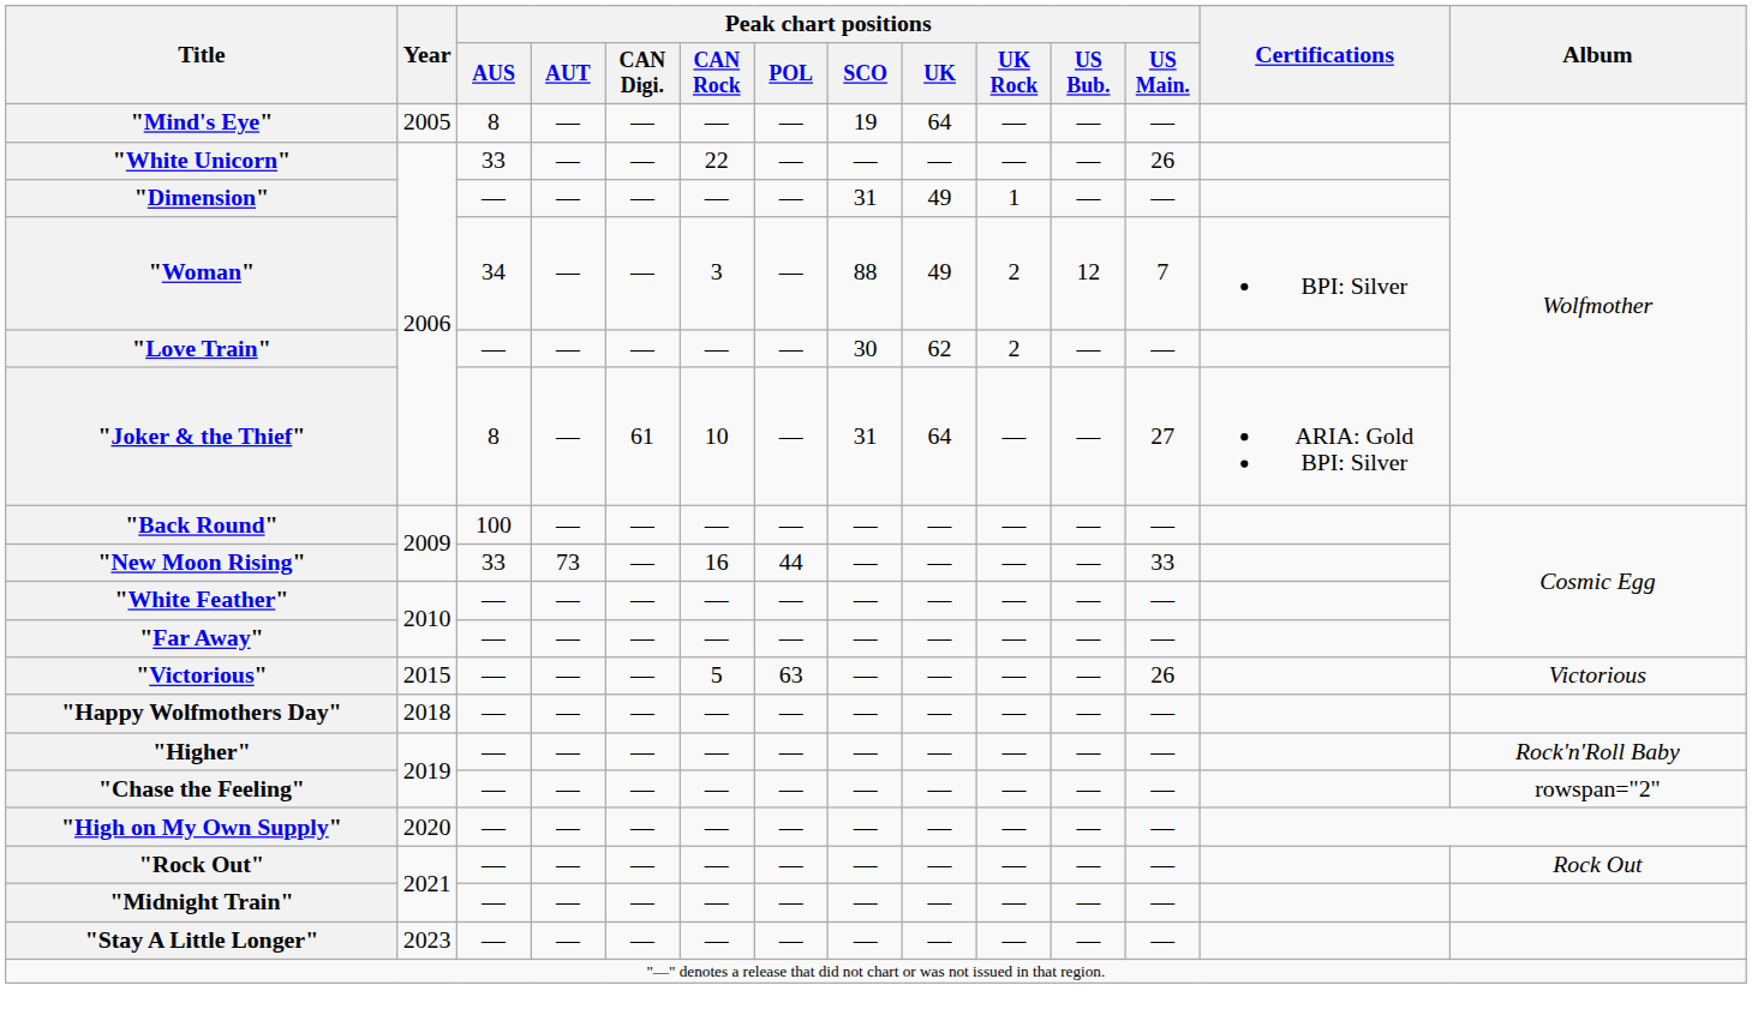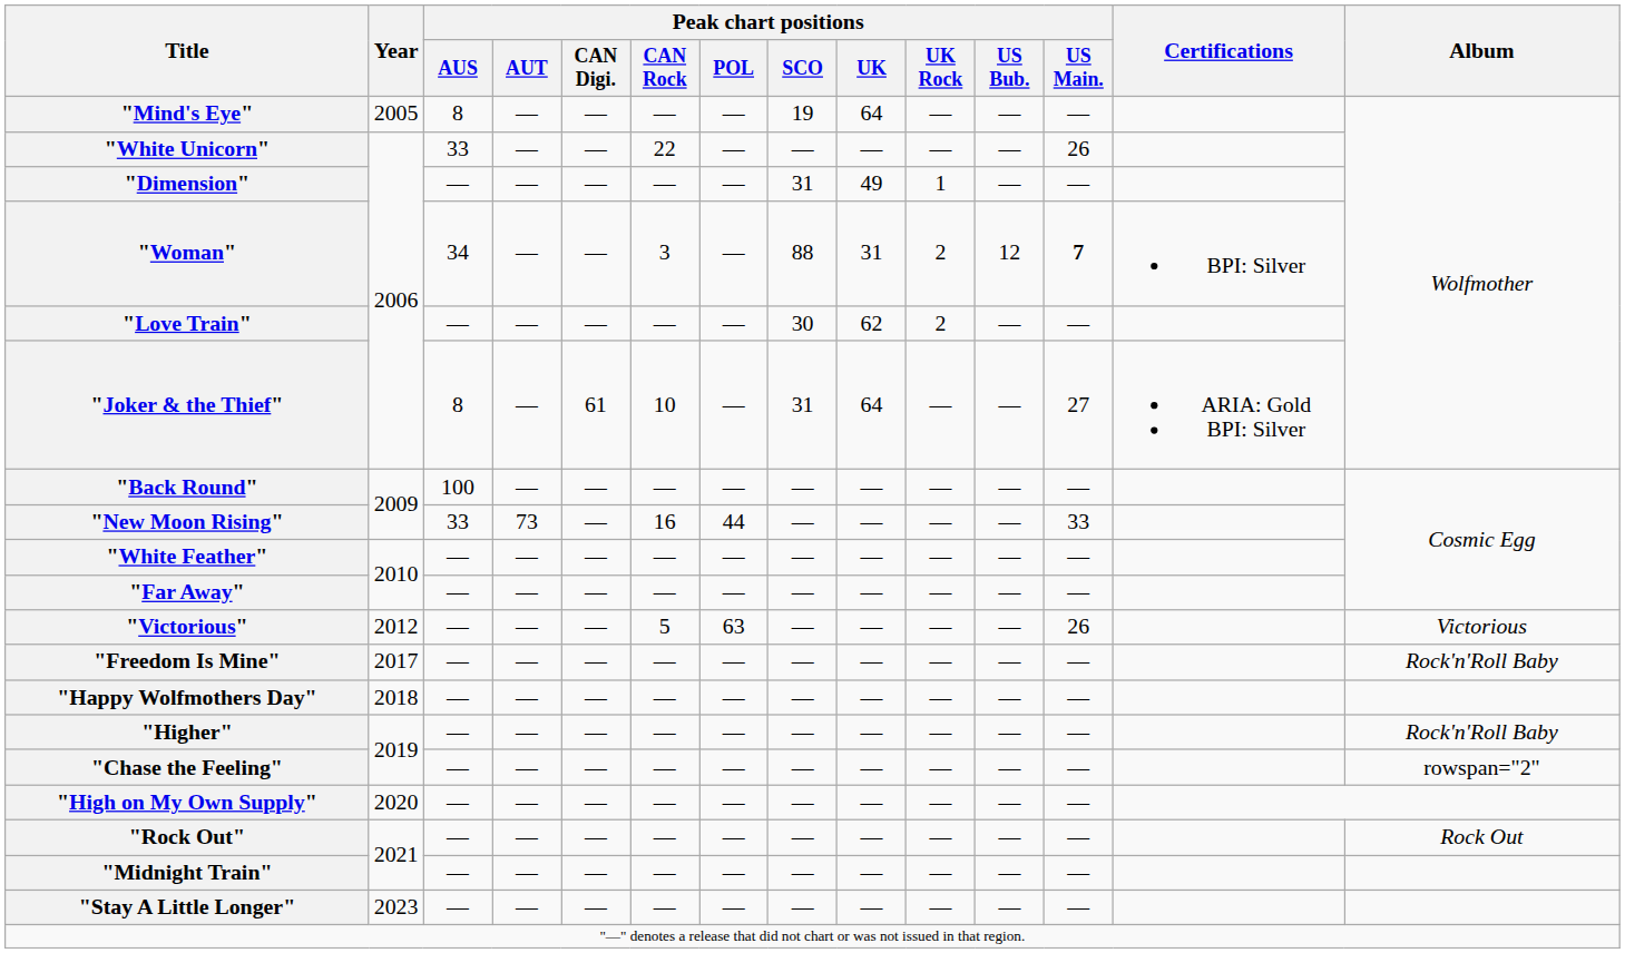 <table class="wikitable plainrowheaders" style="text-align:center;">
 <tr>
 <th scope="col" rowspan="2" style="width:16em;">Title</th>
 <th scope="col" rowspan="2">Year</th>
 <th scope="col" colspan="10">Peak chart positions</th>
 <th scope="col" rowspan="2" style="width:10em;"><a href='#'>Certifications</a></th>
 <th scope="col" rowspan="2" style="width:12em;">Album</th>
 </tr>
 <tr>
 <th scope="col" style="width:3em;font-size:90%;"><a href='#'>AUS</a><br></th>
 <th scope="col" style="width:3em;font-size:90%;"><a href='#'>AUT</a><br></th>
 <th scope="col" style="width:3em;font-size:90%;">CAN<br>Digi.<br></th>
 <th scope="col" style="width:3em;font-size:90%;"><a href='#'>CAN<br>Rock</a><br></th>
 <th scope="col" style="width:3em;font-size:90%;"><a href='#'>POL</a><br></th>
 <th scope="col" style="width:3em;font-size:90%;"><a href='#'>SCO</a><br></th>
 <th scope="col" style="width:3em;font-size:90%;"><a href='#'>UK</a><br></th>
 <th scope="col" style="width:3em;font-size:90%;"><a href='#'>UK<br>Rock</a><br></th>
 <th scope="col" style="width:3em;font-size:90%;"><a href='#'>US<br>Bub.</a><br></th>
 <th scope="col" style="width:3em;font-size:90%;"><a href='#'>US Main.</a><br></th>
 </tr>
 <tr>
 <th scope="row">"<a href='#'>Mind's Eye</a>"</th>
 <td>2005</td>
 <td>8</td>
 <td>—</td>
 <td>—</td>
 <td>—</td>
 <td>—</td>
 <td>19</td>
 <td>64</td>
 <td>—</td>
 <td>—</td>
 <td>—</td>
 <td></td>
 <td rowspan="6"><em>Wolfmother</em></td>
 </tr>
 <tr>
 <th scope="row">"<a href='#'>White Unicorn</a>"</th>
 <td rowspan="5">2006</td>
 <td>33</td>
 <td>—</td>
 <td>—</td>
 <td>22</td>
 <td>—</td>
 <td>—</td>
 <td>—</td>
 <td>—</td>
 <td>—</td>
 <td>26</td>
 <td></td>
 </tr>
 <tr>
 <th scope="row">"<a href='#'>Dimension</a>"</th>
 <td>—</td>
 <td>—</td>
 <td>—</td>
 <td>—</td>
 <td>—</td>
 <td>31</td>
 <td>49</td>
 <td>1</td>
 <td>—</td>
 <td>—</td>
 <td></td>
 </tr>
 <tr>
 <th scope="row">"<a href='#'>Woman</a>"</th>
 <td>34</td>
 <td>—</td>
 <td>—</td>
 <td>3</td>
 <td>—</td>
 <td>88</td>
-<td>49</td>
+<td>31</td>
 <td>2</td>
 <td>12</td>
-<td>7</td>
+<td><strong>7</strong></td>
 <td><br><ul><li>BPI: Silver</li></ul></td>
 </tr>
 <tr>
 <th scope="row">"<a href='#'>Love Train</a>"</th>
 <td>—</td>
 <td>—</td>
 <td>—</td>
 <td>—</td>
 <td>—</td>
 <td>30</td>
 <td>62</td>
 <td>2</td>
 <td>—</td>
 <td>—</td>
 <td></td>
 </tr>
 <tr>
 <th scope="row">"<a href='#'>Joker & the Thief</a>"</th>
 <td>8</td>
 <td>—</td>
 <td>61</td>
 <td>10</td>
 <td>—</td>
 <td>31</td>
 <td>64</td>
 <td>—</td>
 <td>—</td>
 <td>27</td>
 <td><br><ul><li>ARIA: Gold</li><li>BPI: Silver</li></ul></td>
 </tr>
 <tr>
 <th scope="row">"<a href='#'>Back Round</a>"</th>
 <td rowspan="2">2009</td>
 <td>100</td>
 <td>—</td>
 <td>—</td>
 <td>—</td>
 <td>—</td>
 <td>—</td>
 <td>—</td>
 <td>—</td>
 <td>—</td>
 <td>—</td>
 <td></td>
 <td rowspan="4"><em>Cosmic Egg</em></td>
 </tr>
 <tr>
 <th scope="row">"<a href='#'>New Moon Rising</a>"</th>
 <td>33</td>
 <td>73</td>
 <td>—</td>
 <td>16</td>
 <td>44</td>
 <td>—</td>
 <td>—</td>
 <td>—</td>
 <td>—</td>
 <td>33</td>
 <td></td>
 </tr>
 <tr>
 <th scope="row">"<a href='#'>White Feather</a>"</th>
 <td rowspan="2">2010</td>
 <td>—</td>
 <td>—</td>
 <td>—</td>
 <td>—</td>
 <td>—</td>
 <td>—</td>
 <td>—</td>
 <td>—</td>
 <td>—</td>
 <td>—</td>
 <td></td>
 </tr>
 <tr>
 <th scope="row">"<a href='#'>Far Away</a>"</th>
 <td>—</td>
 <td>—</td>
 <td>—</td>
 <td>—</td>
 <td>—</td>
 <td>—</td>
 <td>—</td>
 <td>—</td>
 <td>—</td>
 <td>—</td>
 <td></td>
 </tr>
 <tr>
 <th scope="row">"<a href='#'>Victorious</a>"</th>
-<td>2015</td>
+<td>2012</td>
 <td>—</td>
 <td>—</td>
 <td>—</td>
 <td>5</td>
 <td>63</td>
 <td>—</td>
 <td>—</td>
 <td>—</td>
 <td>—</td>
 <td>26</td>
 <td></td>
 <td><em>Victorious</em></td>
+</tr>
+<tr>
+<th scope="row">"Freedom Is Mine"</th>
+<td>2017</td>
+<td>—</td>
+<td>—</td>
+<td>—</td>
+<td>—</td>
+<td>—</td>
+<td>—</td>
+<td>—</td>
+<td>—</td>
+<td>—</td>
+<td>—</td>
+<td></td>
+<td><em>Rock'n'Roll Baby</em></td>
 </tr>
 <tr>
 <th scope="row">"Happy Wolfmothers Day"</th>
 <td>2018</td>
 <td>—</td>
 <td>—</td>
 <td>—</td>
 <td>—</td>
 <td>—</td>
 <td>—</td>
 <td>—</td>
 <td>—</td>
 <td>—</td>
 <td>—</td>
 <td></td>
 <td></td>
 </tr>
 <tr>
 <th scope="row">"Higher"</th>
 <td rowspan="2">2019</td>
 <td>—</td>
 <td>—</td>
 <td>—</td>
 <td>—</td>
 <td>—</td>
 <td>—</td>
 <td>—</td>
 <td>—</td>
 <td>—</td>
 <td>—</td>
 <td></td>
 <td><em>Rock'n'Roll Baby</em></td>
 </tr>
 <tr>
 <th scope="row">"Chase the Feeling"<br></th>
 <td>—</td>
 <td>—</td>
 <td>—</td>
 <td>—</td>
 <td>—</td>
 <td>—</td>
 <td>—</td>
 <td>—</td>
 <td>—</td>
 <td>—</td>
 <td></td>
 <td>rowspan="2" </td>
 </tr>
 <tr>
 <th scope="row">"<a href='#'>High on My Own Supply</a>"</th>
 <td>2020</td>
 <td>—</td>
 <td>—</td>
 <td>—</td>
 <td>—</td>
 <td>—</td>
 <td>—</td>
 <td>—</td>
 <td>—</td>
 <td>—</td>
 <td>—</td>
 </tr>
 <tr>
 <th scope="row">"Rock Out"</th>
 <td rowspan="2">2021</td>
 <td>—</td>
 <td>—</td>
 <td>—</td>
 <td>—</td>
 <td>—</td>
 <td>—</td>
 <td>—</td>
 <td>—</td>
 <td>—</td>
 <td>—</td>
 <td></td>
 <td><em>Rock Out</em></td>
 </tr>
 <tr>
 <th scope="row">"Midnight Train"</th>
 <td>—</td>
 <td>—</td>
 <td>—</td>
 <td>—</td>
 <td>—</td>
 <td>—</td>
 <td>—</td>
 <td>—</td>
 <td>—</td>
 <td>—</td>
 <td></td>
 <td></td>
 </tr>
 <tr>
 <th scope="row">"Stay A Little Longer"</th>
 <td>2023</td>
 <td>—</td>
 <td>—</td>
 <td>—</td>
 <td>—</td>
 <td>—</td>
 <td>—</td>
 <td>—</td>
 <td>—</td>
 <td>—</td>
 <td>—</td>
 <td></td>
 <td></td>
 </tr>
 <tr>
 <td colspan="14" style="font-size:8pt;">"—" denotes a release that did not chart or was not issued in that region.</td>
 </tr>
 </table>
